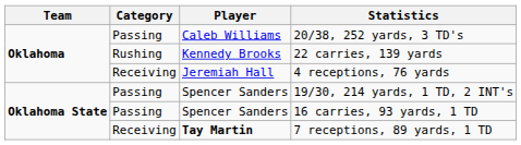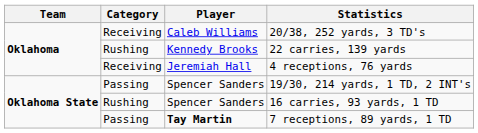 <table class="wikitable" style="float: right;">
 <tr>
 <th>Team</th>
 <th>Category</th>
 <th>Player</th>
 <th>Statistics</th>
 </tr>
 <tr>
 <td rowspan=3><strong>Oklahoma</strong></td>
-<td>Passing</td>
+<td>Receiving</td>
 <td><a href='#'>Caleb Williams</a></td>
 <td>20/38, 252 yards, 3 TD's</td>
 </tr>
 <tr>
 <td>Rushing</td>
 <td><a href='#'>Kennedy Brooks</a></td>
 <td>22 carries, 139 yards</td>
 </tr>
 <tr>
 <td>Receiving</td>
 <td><a href='#'>Jeremiah Hall</a></td>
 <td>4 receptions, 76 yards</td>
 </tr>
 <tr>
 <td rowspan=3><strong>Oklahoma State</strong></td>
 <td>Passing</td>
 <td>Spencer Sanders</td>
 <td>19/30, 214 yards, 1 TD, 2 INT's</td>
 </tr>
 <tr>
-<td>Passing</td>
+<td>Rushing</td>
 <td>Spencer Sanders</td>
 <td>16 carries, 93 yards, 1 TD</td>
 </tr>
 <tr>
-<td>Receiving</td>
+<td>Passing</td>
 <td><strong>Tay Martin</strong></td>
 <td>7 receptions, 89 yards, 1 TD</td>
 </tr>
 </table>
